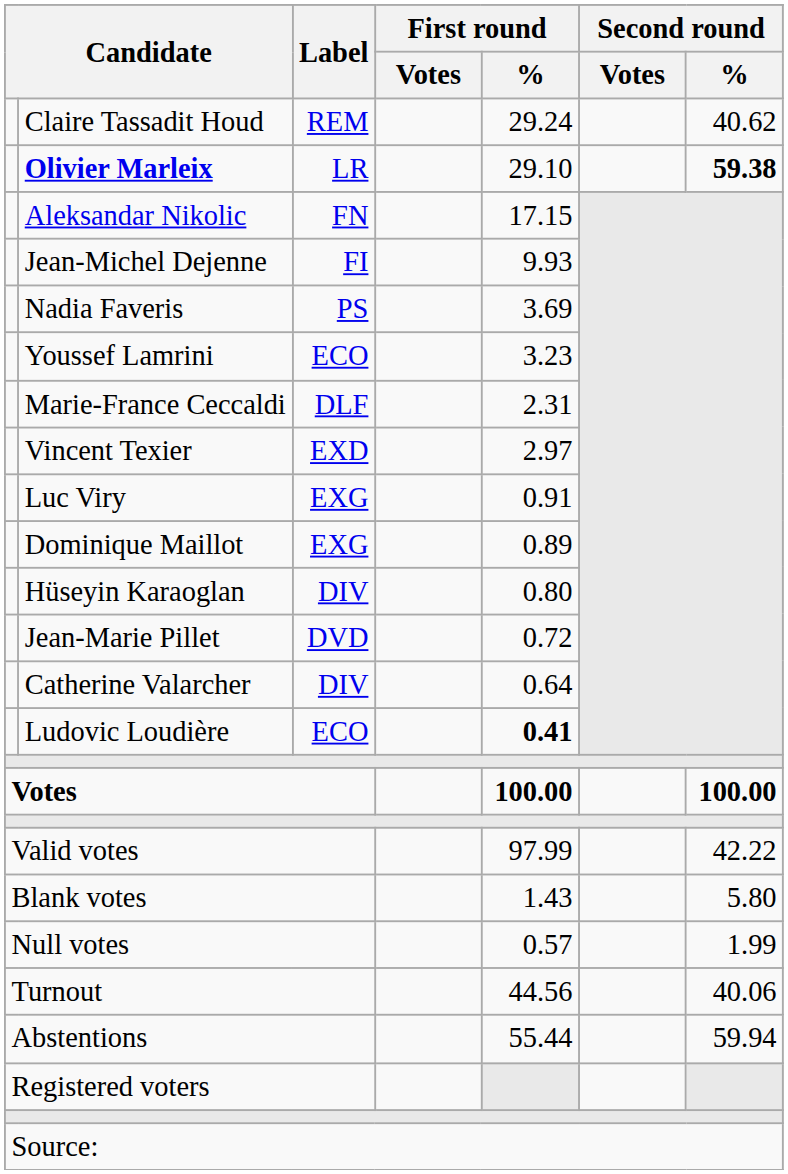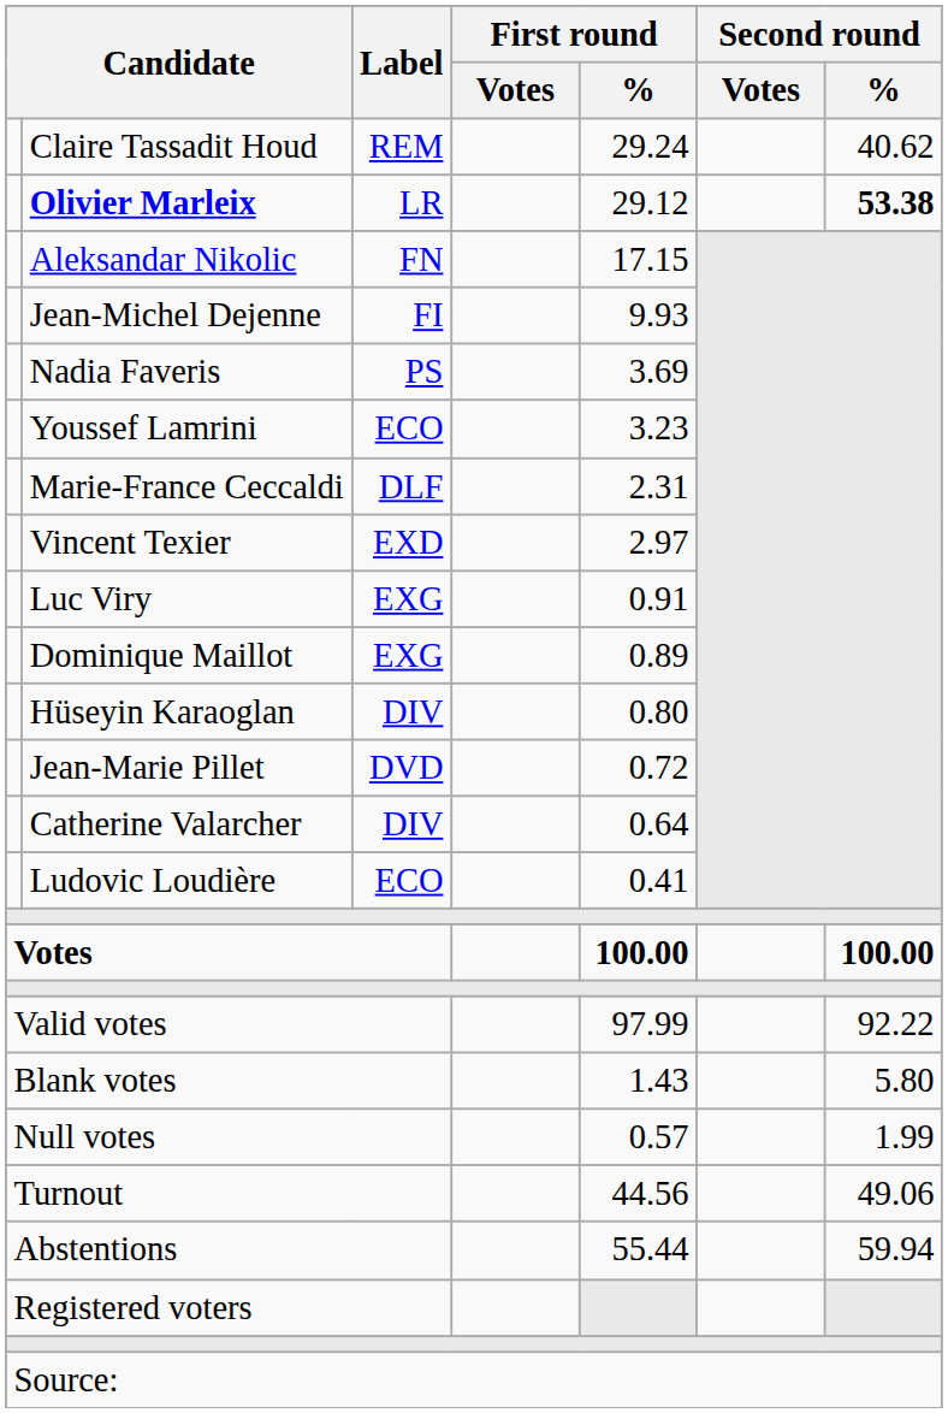 <table class="wikitable" style="text-align:right;font-size:95%;">
 <tr>
 <th rowspan="2" colspan="2">Candidate</th>
 <th rowspan="2">Label</th>
 <th colspan="2">First round</th>
 <th colspan="2">Second round</th>
 </tr>
 <tr>
 <th style="width:50px;">Votes</th>
 <th style="width:45px;">%</th>
 <th style="width:50px;">Votes</th>
 <th style="width:45px;">%</th>
 </tr>
 <tr>
 <td style="color:inherit;background:"></td>
 <td style="text-align:left;">Claire Tassadit Houd</td>
 <td><a href='#'>REM</a></td>
 <td></td>
 <td>29.24</td>
 <td></td>
 <td>40.62</td>
 </tr>
 <tr>
 <td style="color:inherit;background:"></td>
 <td style="text-align:left;"><strong><a href='#'>Olivier Marleix</a></strong></td>
 <td><a href='#'>LR</a></td>
 <td></td>
-<td>29.10</td>
+<td>29.12</td>
 <td><strong></strong></td>
-<td><strong>59.38</strong></td>
+<td><strong>53.38</strong></td>
 </tr>
 <tr>
 <td style="color:inherit;background:"></td>
 <td style="text-align:left;"><a href='#'>Aleksandar Nikolic</a></td>
 <td><a href='#'>FN</a></td>
 <td></td>
 <td>17.15</td>
 <td colspan="2" rowspan="12" style="background:#E9E9E9;"></td>
 </tr>
 <tr>
 <td style="color:inherit;background:"></td>
 <td style="text-align:left;">Jean-Michel Dejenne</td>
 <td><a href='#'>FI</a></td>
 <td></td>
 <td>9.93</td>
 </tr>
 <tr>
 <td style="color:inherit;background:"></td>
 <td style="text-align:left;">Nadia Faveris</td>
 <td><a href='#'>PS</a></td>
 <td></td>
 <td>3.69</td>
 </tr>
 <tr>
 <td style="color:inherit;background:"></td>
 <td style="text-align:left;">Youssef Lamrini</td>
 <td><a href='#'>ECO</a></td>
 <td></td>
 <td>3.23</td>
 </tr>
 <tr>
 <td style="color:inherit;background:"></td>
 <td style="text-align:left;">Marie-France Ceccaldi</td>
 <td><a href='#'>DLF</a></td>
 <td></td>
 <td>2.31</td>
 </tr>
 <tr>
 <td style="color:inherit;background:"></td>
 <td style="text-align:left;">Vincent Texier</td>
 <td><a href='#'>EXD</a></td>
 <td></td>
 <td>2.97</td>
 </tr>
 <tr>
 <td style="color:inherit;background:"></td>
 <td style="text-align:left;">Luc Viry</td>
 <td><a href='#'>EXG</a></td>
 <td></td>
 <td>0.91</td>
 </tr>
 <tr>
 <td style="color:inherit;background:"></td>
 <td style="text-align:left;">Dominique Maillot</td>
 <td><a href='#'>EXG</a></td>
 <td></td>
 <td>0.89</td>
 </tr>
 <tr>
 <td style="color:inherit;background:"></td>
 <td style="text-align:left;">Hüseyin Karaoglan</td>
 <td><a href='#'>DIV</a></td>
 <td></td>
 <td>0.80</td>
 </tr>
 <tr>
 <td style="color:inherit;background:"></td>
 <td style="text-align:left;">Jean-Marie Pillet</td>
 <td><a href='#'>DVD</a></td>
 <td></td>
 <td>0.72</td>
 </tr>
 <tr>
 <td style="color:inherit;background:"></td>
 <td style="text-align:left;">Catherine Valarcher</td>
 <td><a href='#'>DIV</a></td>
 <td></td>
 <td>0.64</td>
 </tr>
 <tr>
 <td style="color:inherit;background:"></td>
 <td style="text-align:left;">Ludovic Loudière</td>
 <td><a href='#'>ECO</a></td>
 <td></td>
-<td><strong>0.41</strong></td>
+<td>0.41</td>
 </tr>
 <tr>
 <td colspan="7" style="background:#E9E9E9;"></td>
 </tr>
 <tr style="font-weight:bold;">
 <td colspan="3" style="text-align:left;">Votes</td>
 <td></td>
 <td>100.00</td>
 <td></td>
 <td>100.00</td>
 </tr>
 <tr>
 <td colspan="7" style="background:#E9E9E9;"></td>
 </tr>
 <tr>
 <td colspan="3" style="text-align:left;">Valid votes</td>
 <td></td>
 <td>97.99</td>
 <td></td>
-<td>42.22</td>
+<td>92.22</td>
 </tr>
 <tr>
 <td colspan="3" style="text-align:left;">Blank votes</td>
 <td></td>
 <td>1.43</td>
 <td></td>
 <td>5.80</td>
 </tr>
 <tr>
 <td colspan="3" style="text-align:left;">Null votes</td>
 <td></td>
 <td>0.57</td>
 <td></td>
 <td>1.99</td>
 </tr>
 <tr>
 <td colspan="3" style="text-align:left;">Turnout</td>
 <td></td>
 <td>44.56</td>
 <td></td>
-<td>40.06</td>
+<td>49.06</td>
 </tr>
 <tr>
 <td colspan="3" style="text-align:left;">Abstentions</td>
 <td></td>
 <td>55.44</td>
 <td></td>
 <td>59.94</td>
 </tr>
 <tr>
 <td colspan="3" style="text-align:left;">Registered voters</td>
 <td></td>
 <td style="background:#E9E9E9;"></td>
 <td></td>
 <td style="background:#E9E9E9;"></td>
 </tr>
 <tr>
 <td colspan="7" style="background:#E9E9E9;"></td>
 </tr>
 <tr>
 <td colspan="7" style="text-align:left;">Source: </td>
 </tr>
 </table>
